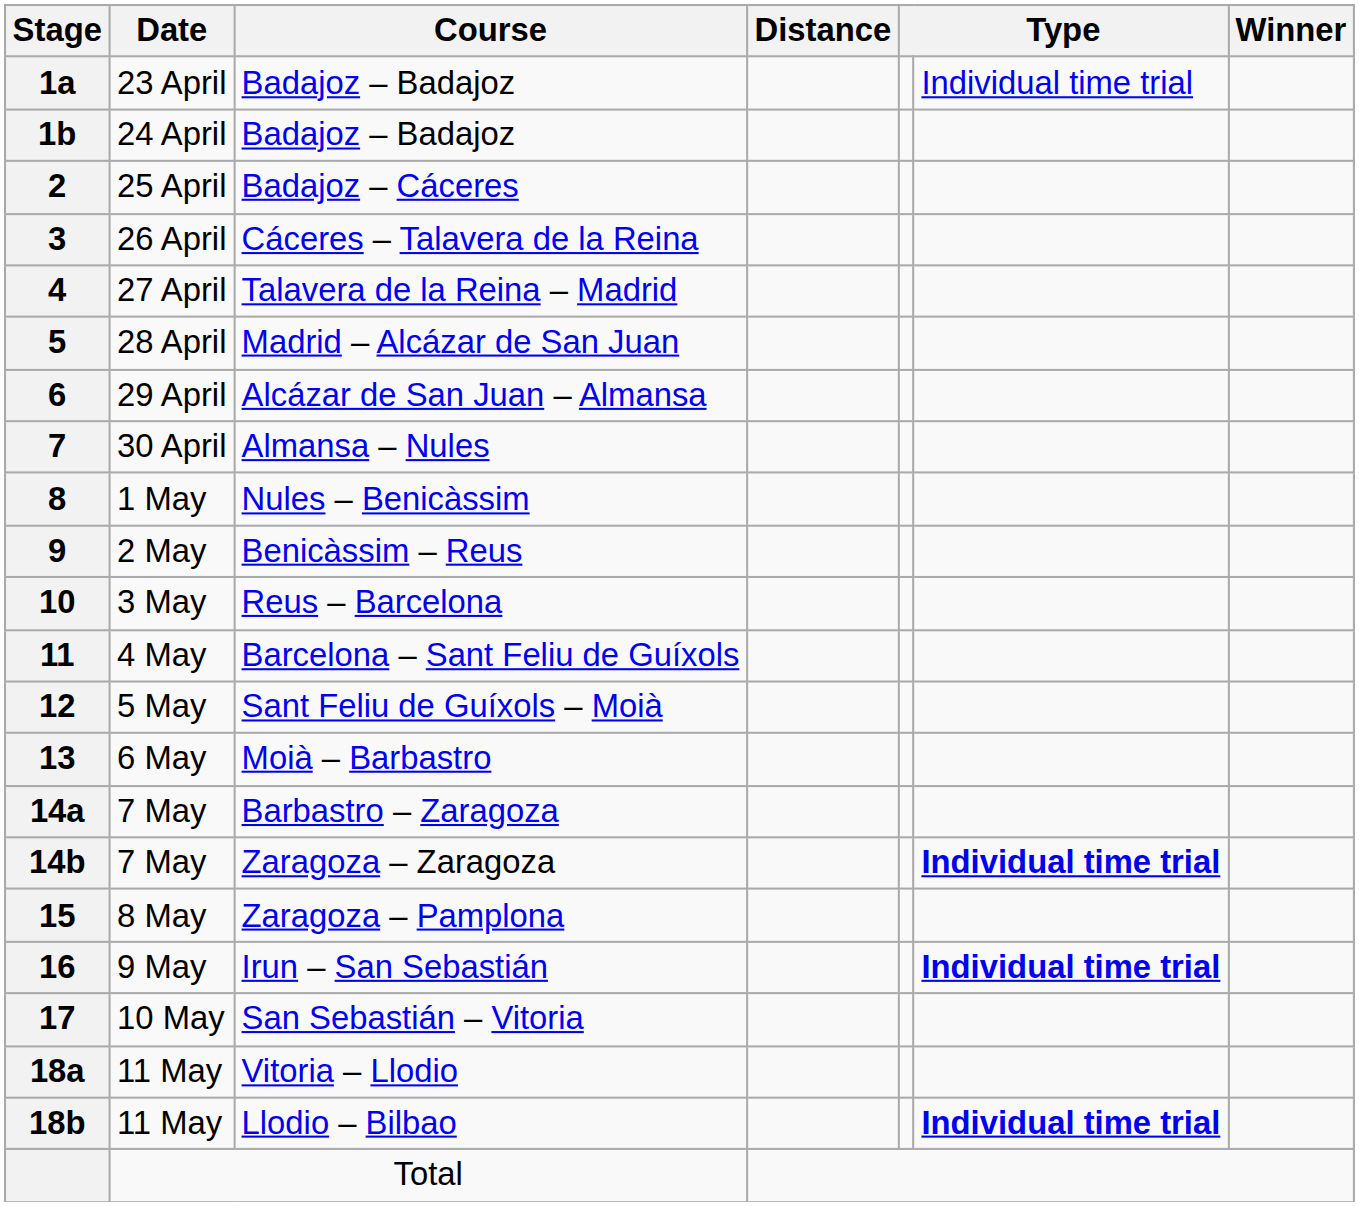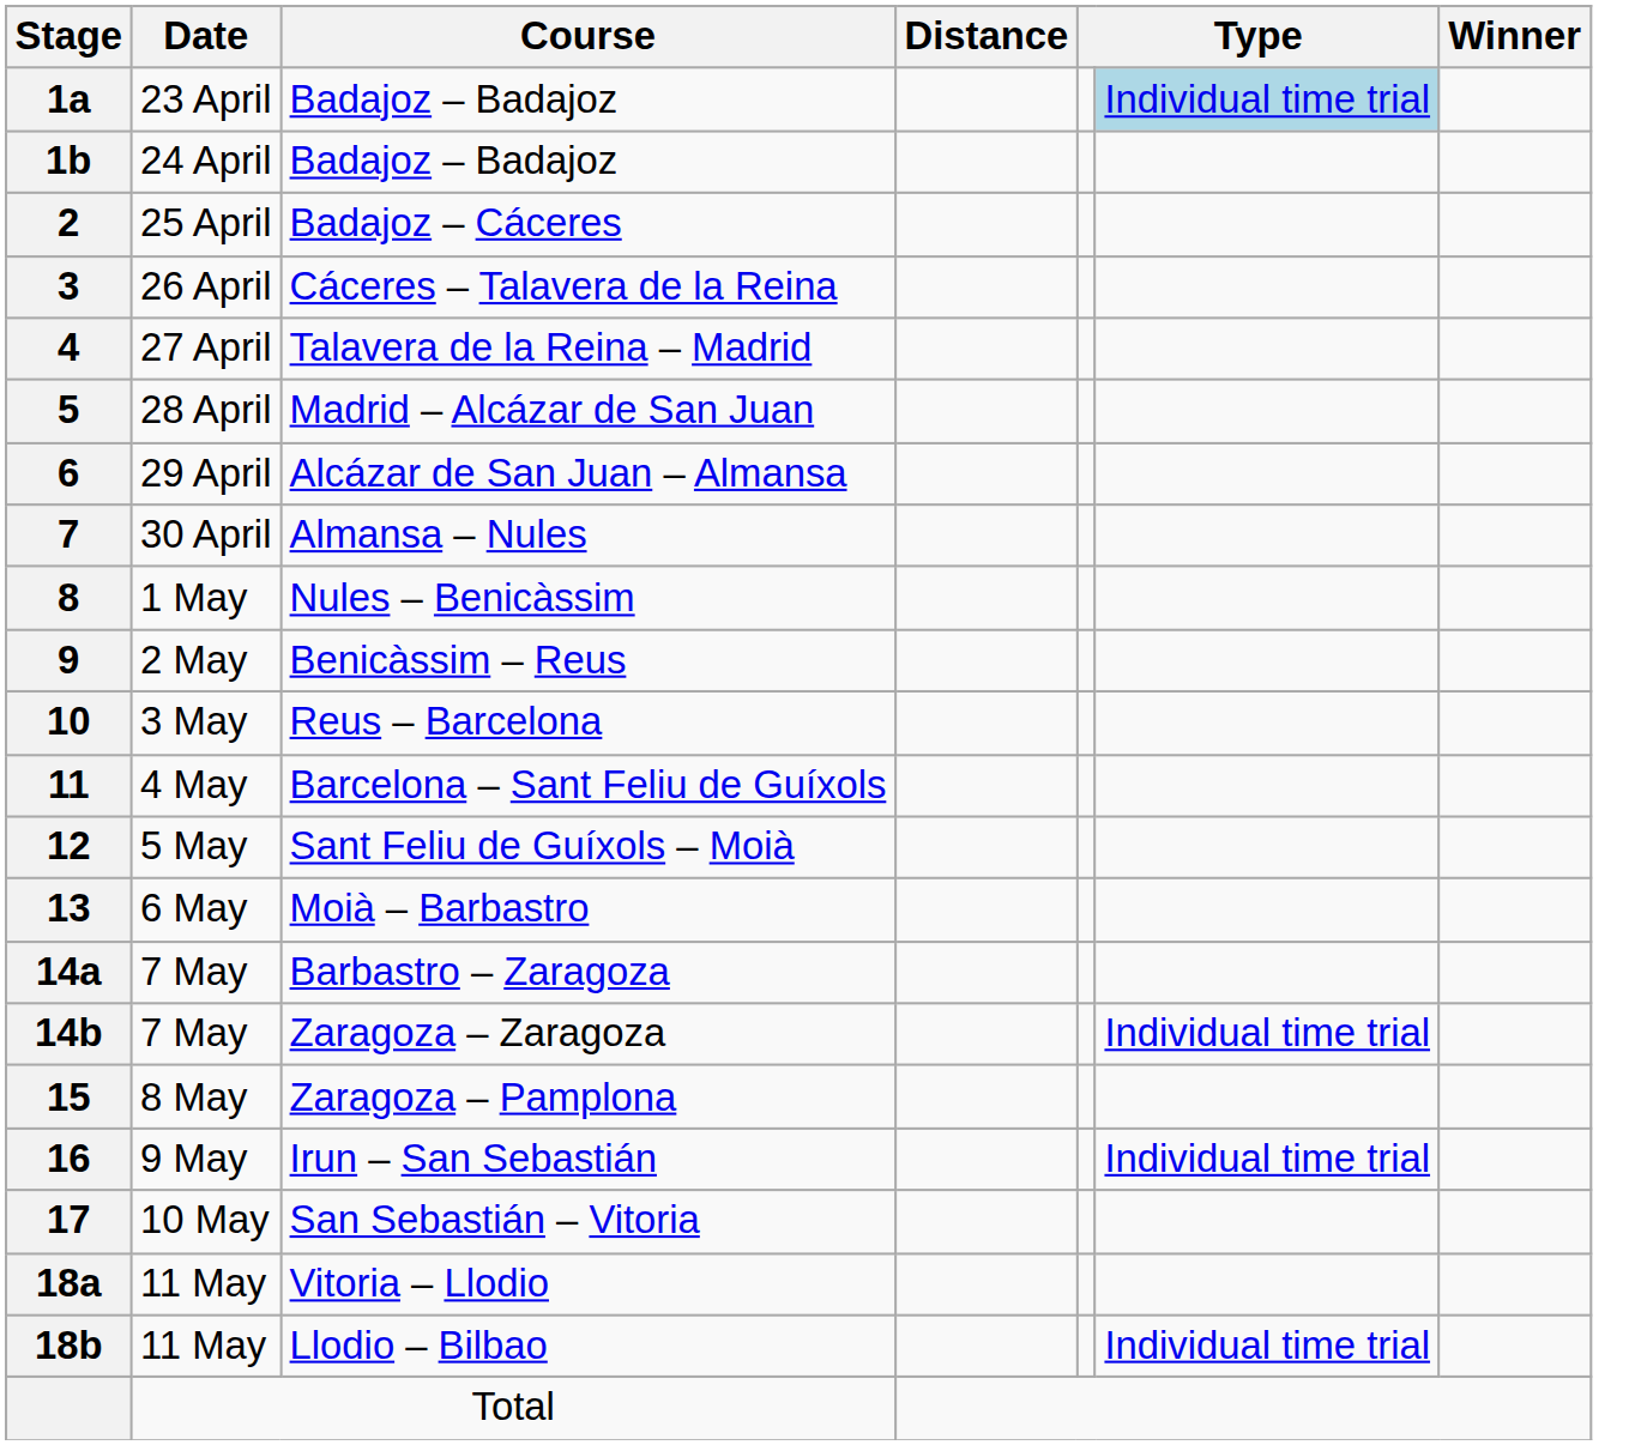 <table class="wikitable">
 <tr>
 <th scope="col">Stage</th>
 <th scope="col">Date</th>
 <th scope="col">Course</th>
 <th scope="col">Distance</th>
 <th scope="col" colspan="2">Type</th>
 <th scope="col">Winner</th>
 </tr>
 <tr>
 <th scope="row">1a</th>
 <td>23 April</td>
 <td><a href='#'>Badajoz</a> – Badajoz</td>
 <td style="text-align:center;"></td>
 <td></td>
-<td><a href='#'>Individual time trial</a></td>
+<td style="background: lightblue;"><a href='#'>Individual time trial</a></td>
 <td></td>
 </tr>
 <tr>
 <th scope="row">1b</th>
 <td>24 April</td>
 <td><a href='#'>Badajoz</a> – Badajoz</td>
 <td style="text-align:center;"></td>
 <td></td>
 <td></td>
 <td></td>
 </tr>
 <tr>
 <th scope="row">2</th>
 <td>25 April</td>
 <td><a href='#'>Badajoz</a> – <a href='#'>Cáceres</a></td>
 <td style="text-align:center;"></td>
 <td></td>
 <td></td>
 <td></td>
 </tr>
 <tr>
 <th scope="row">3</th>
 <td>26 April</td>
 <td><a href='#'>Cáceres</a> – <a href='#'>Talavera de la Reina</a></td>
 <td style="text-align:center;"></td>
 <td></td>
 <td></td>
 <td></td>
 </tr>
 <tr>
 <th scope="row">4</th>
 <td>27 April</td>
 <td><a href='#'>Talavera de la Reina</a> – <a href='#'>Madrid</a></td>
 <td style="text-align:center;"></td>
 <td></td>
 <td></td>
 <td></td>
 </tr>
 <tr>
 <th scope="row">5</th>
 <td>28 April</td>
 <td><a href='#'>Madrid</a> – <a href='#'>Alcázar de San Juan</a></td>
 <td style="text-align:center;"></td>
 <td></td>
 <td></td>
 <td></td>
 </tr>
 <tr>
 <th scope="row">6</th>
 <td>29 April</td>
 <td><a href='#'>Alcázar de San Juan</a> – <a href='#'>Almansa</a></td>
 <td style="text-align:center;"></td>
 <td></td>
 <td></td>
 <td></td>
 </tr>
 <tr>
 <th scope="row">7</th>
 <td>30 April</td>
 <td><a href='#'>Almansa</a> – <a href='#'>Nules</a></td>
 <td style="text-align:center;"></td>
 <td></td>
 <td></td>
 <td></td>
 </tr>
 <tr>
 <th scope="row">8</th>
 <td>1 May</td>
 <td><a href='#'>Nules</a> – <a href='#'>Benicàssim</a></td>
 <td style="text-align:center;"></td>
 <td></td>
 <td></td>
 <td></td>
 </tr>
 <tr>
 <th scope="row">9</th>
 <td>2 May</td>
 <td><a href='#'>Benicàssim</a> – <a href='#'>Reus</a></td>
 <td style="text-align:center;"></td>
 <td></td>
 <td></td>
 <td></td>
 </tr>
 <tr>
 <th scope="row">10</th>
 <td>3 May</td>
 <td><a href='#'>Reus</a> – <a href='#'>Barcelona</a></td>
 <td style="text-align:center;"></td>
 <td></td>
 <td></td>
 <td></td>
 </tr>
 <tr>
 <th scope="row">11</th>
 <td>4 May</td>
 <td><a href='#'>Barcelona</a> – <a href='#'>Sant Feliu de Guíxols</a></td>
 <td style="text-align:center;"></td>
 <td></td>
 <td></td>
 <td></td>
 </tr>
 <tr>
 <th scope="row">12</th>
 <td>5 May</td>
 <td><a href='#'>Sant Feliu de Guíxols</a> – <a href='#'>Moià</a></td>
 <td style="text-align:center;"></td>
 <td></td>
 <td></td>
 <td></td>
 </tr>
 <tr>
 <th scope="row">13</th>
 <td>6 May</td>
 <td><a href='#'>Moià</a> – <a href='#'>Barbastro</a></td>
 <td style="text-align:center;"></td>
 <td></td>
 <td></td>
 <td></td>
 </tr>
 <tr>
 <th scope="row">14a</th>
 <td>7 May</td>
 <td><a href='#'>Barbastro</a> – <a href='#'>Zaragoza</a></td>
 <td style="text-align:center;"></td>
 <td></td>
 <td></td>
 <td></td>
 </tr>
 <tr>
 <th scope="row">14b</th>
 <td>7 May</td>
 <td><a href='#'>Zaragoza</a> – Zaragoza</td>
 <td style="text-align:center;"></td>
 <td></td>
-<td><strong><a href='#'>Individual time trial</a></strong></td>
+<td><a href='#'>Individual time trial</a></td>
 <td></td>
 </tr>
 <tr>
 <th scope="row">15</th>
 <td>8 May</td>
 <td><a href='#'>Zaragoza</a> – <a href='#'>Pamplona</a></td>
 <td style="text-align:center;"></td>
 <td></td>
 <td></td>
 <td></td>
 </tr>
 <tr>
 <th scope="row">16</th>
 <td>9 May</td>
 <td><a href='#'>Irun</a> – <a href='#'>San Sebastián</a></td>
 <td style="text-align:center;"></td>
 <td></td>
-<td><strong><a href='#'>Individual time trial</a></strong></td>
+<td><a href='#'>Individual time trial</a></td>
 <td></td>
 </tr>
 <tr>
 <th scope="row">17</th>
 <td>10 May</td>
 <td><a href='#'>San Sebastián</a> – <a href='#'>Vitoria</a></td>
 <td style="text-align:center;"></td>
 <td></td>
 <td></td>
 <td></td>
 </tr>
 <tr>
 <th scope="row">18a</th>
 <td>11 May</td>
 <td><a href='#'>Vitoria</a> – <a href='#'>Llodio</a></td>
 <td style="text-align:center;"></td>
 <td></td>
 <td></td>
 <td></td>
 </tr>
 <tr>
 <th scope="row">18b</th>
 <td>11 May</td>
 <td><a href='#'>Llodio</a> – <a href='#'>Bilbao</a></td>
 <td style="text-align:center;"></td>
 <td></td>
-<td><strong><a href='#'>Individual time trial</a></strong></td>
+<td><a href='#'>Individual time trial</a></td>
 <td></td>
 </tr>
 <tr>
 <th scope="row"></th>
 <td colspan="2" style="text-align:center">Total</td>
 <td colspan="4" style="text-align:center"></td>
 </tr>
 </table>
